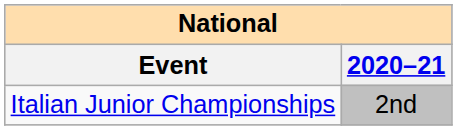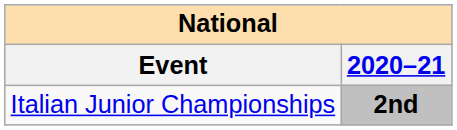 <table class="wikitable" style="text-align:center">
 <tr>
 <th colspan=2 align=center style="background-color: #ffdead; ">National</th>
 </tr>
 <tr>
 <th>Event</th>
 <th><a href='#'>2020–21</a></th>
 </tr>
 <tr>
 <td align=left><a href='#'>Italian Junior Championships</a></td>
-<td bgcolor=silver>2nd</td>
+<td bgcolor=silver><strong>2nd</strong></td>
 </tr>
 </table>
